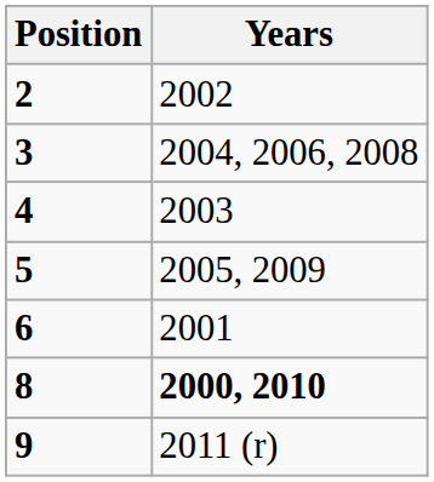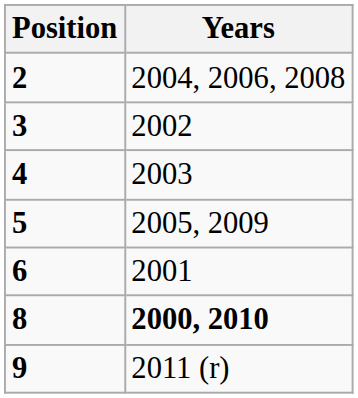 <table class="wikitable">
 <tr>
 <th>Position</th>
 <th>Years</th>
 </tr>
 <tr>
 <td><strong>2</strong></td>
-<td>2002</td>
+<td>2004, 2006, 2008</td>
 </tr>
 <tr>
 <td><strong>3</strong></td>
-<td>2004, 2006, 2008</td>
+<td>2002</td>
 </tr>
 <tr>
 <td><strong>4</strong></td>
 <td>2003</td>
 </tr>
 <tr>
 <td><strong>5</strong></td>
 <td>2005, 2009</td>
 </tr>
 <tr>
 <td><strong>6</strong></td>
 <td>2001</td>
 </tr>
 <tr>
 <td><strong>8</strong></td>
 <td><strong>2000, 2010</strong></td>
 </tr>
 <tr>
 <td><strong>9</strong></td>
 <td>2011 (r)</td>
 </tr>
 </table>
